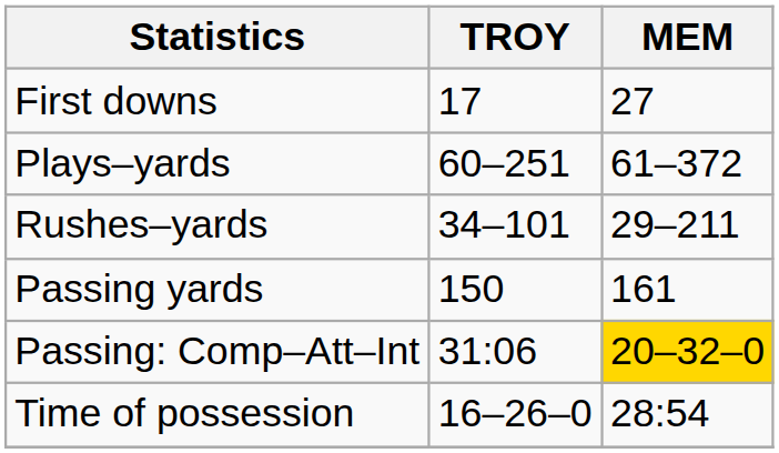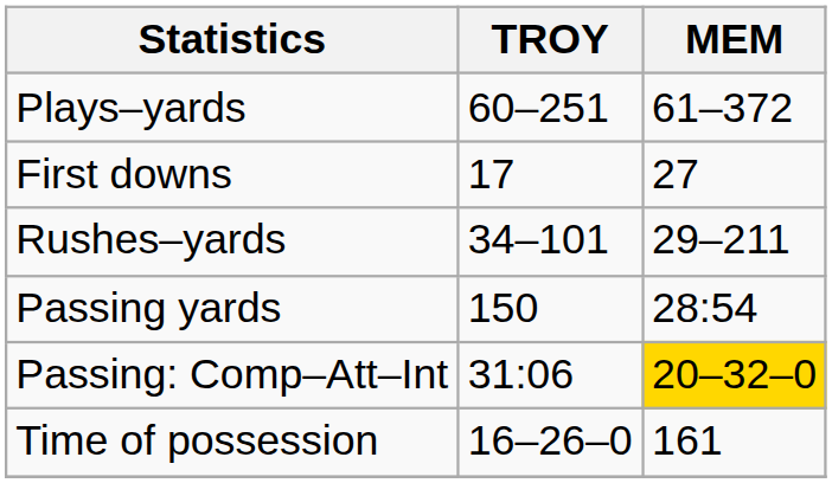 <table class="wikitable" style="float: left;">
 <tr>
 <th>Statistics</th>
 <th>TROY</th>
 <th>MEM</th>
 </tr>
 <tr>
+<td>Plays–yards</td>
+<td>60–251</td>
+<td>61–372</td>
+</tr>
+<tr>
 <td>First downs</td>
 <td>17</td>
 <td>27</td>
-</tr>
-<tr>
-<td>Plays–yards</td>
-<td>60–251</td>
-<td>61–372</td>
 </tr>
 <tr>
 <td>Rushes–yards</td>
 <td>34–101</td>
 <td>29–211</td>
 </tr>
 <tr>
 <td>Passing yards</td>
 <td>150</td>
-<td>161</td>
+<td>28:54</td>
 </tr>
 <tr>
 <td>Passing: Comp–Att–Int</td>
 <td>31:06</td>
 <td style="background: gold;">20–32–0</td>
 </tr>
 <tr>
 <td>Time of possession</td>
 <td>16–26–0</td>
-<td>28:54</td>
+<td>161</td>
 </tr>
 <tr>
 </tr>
 </table>
